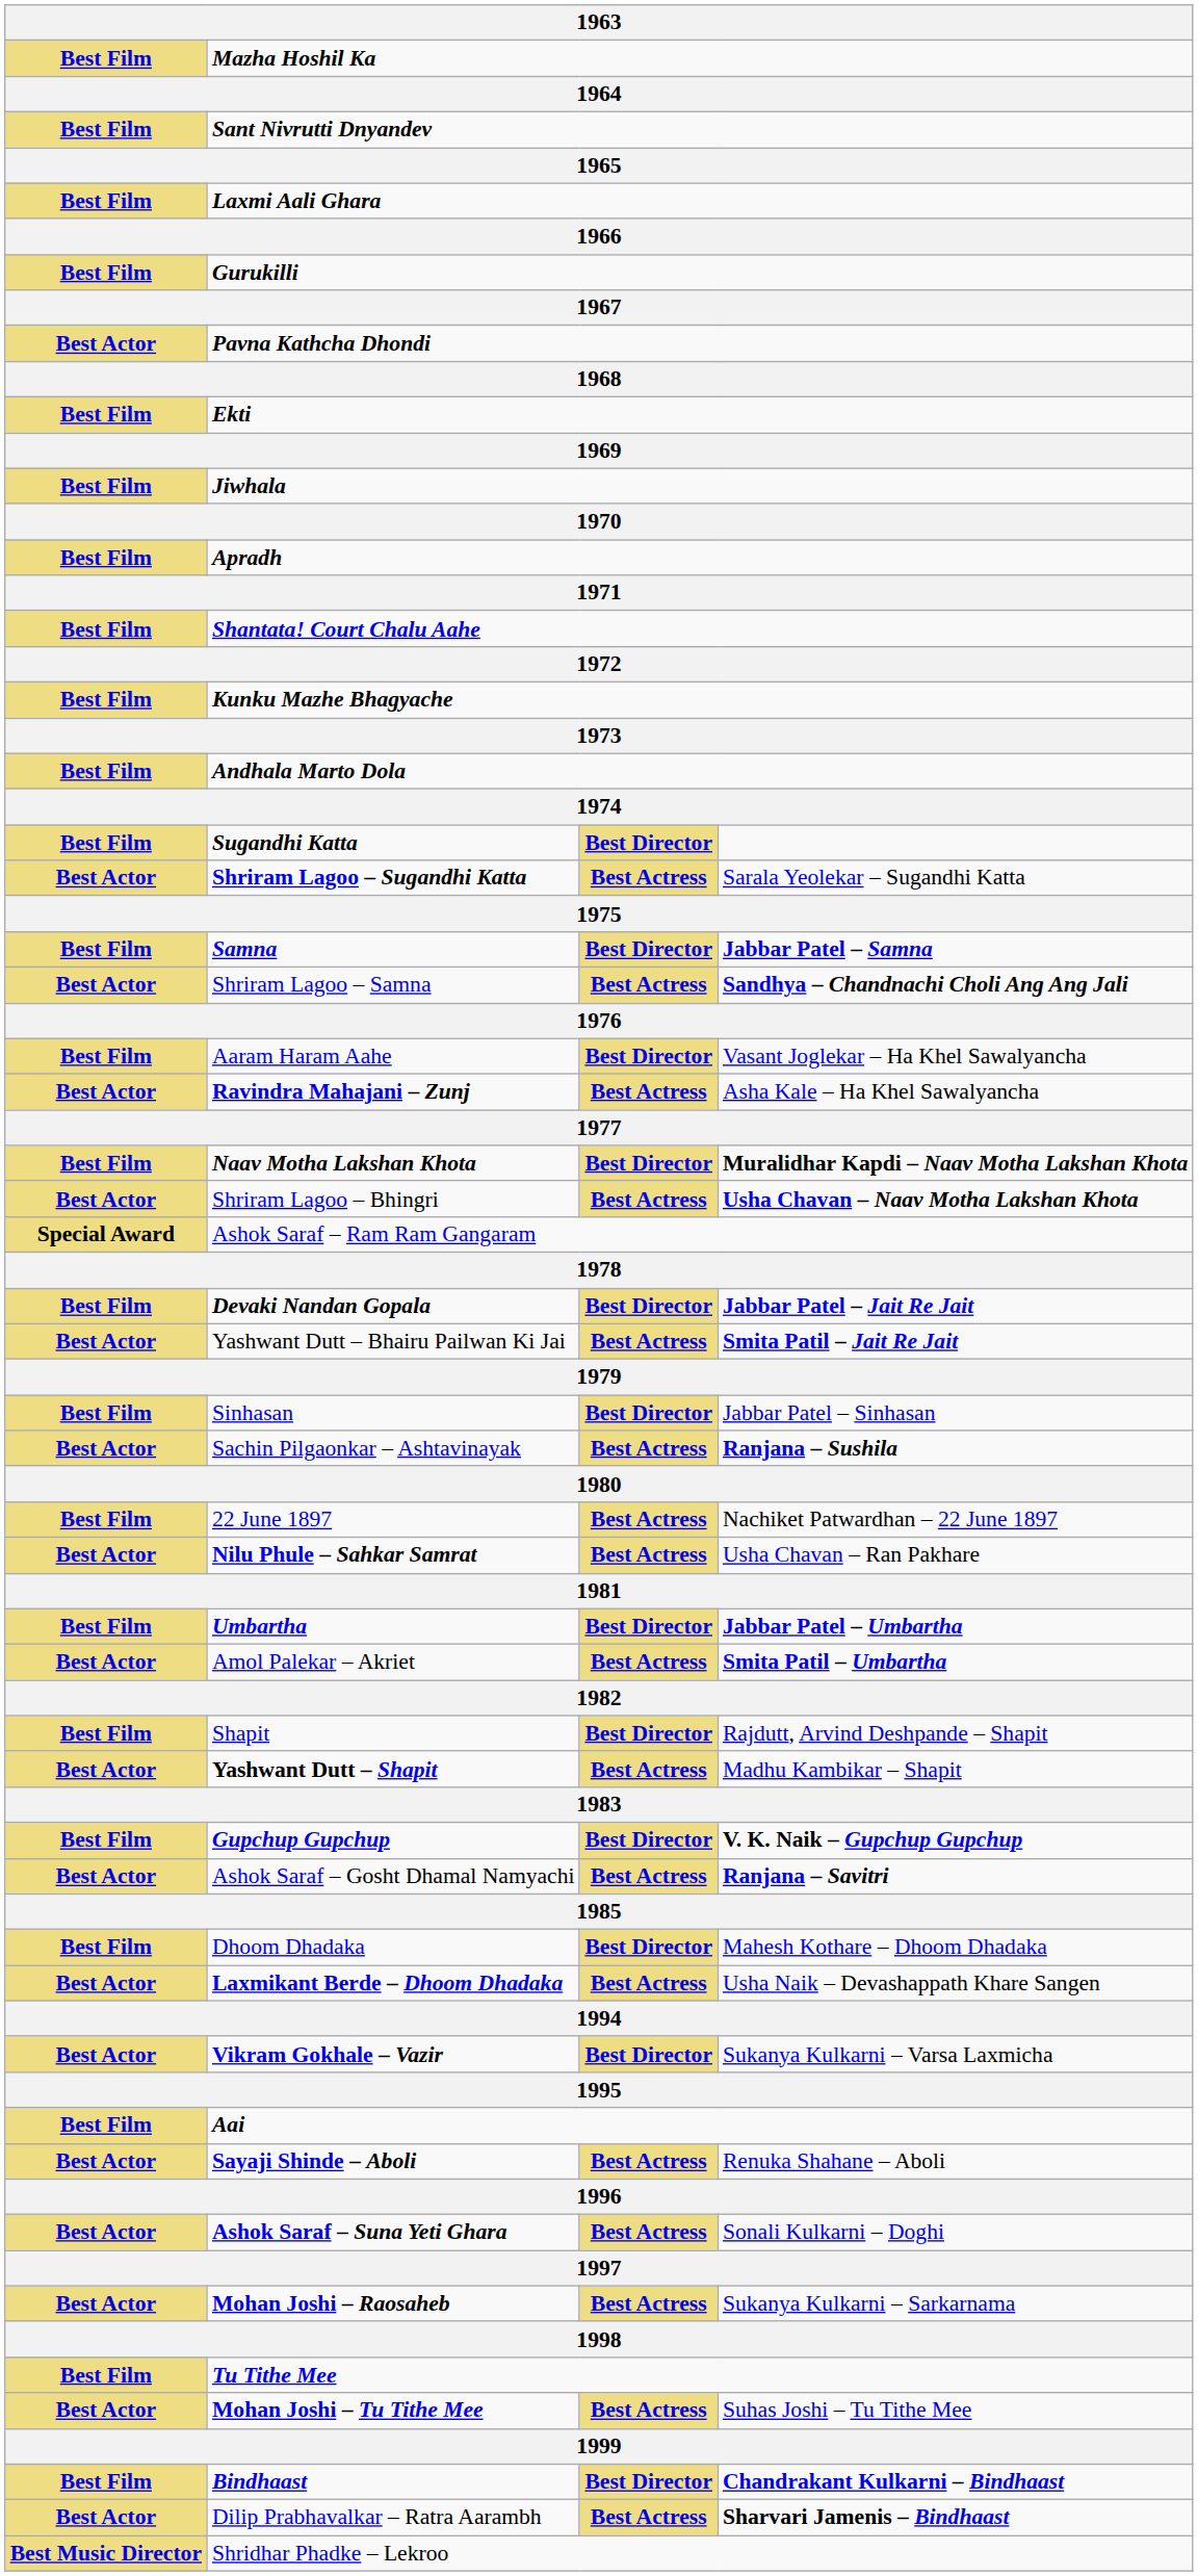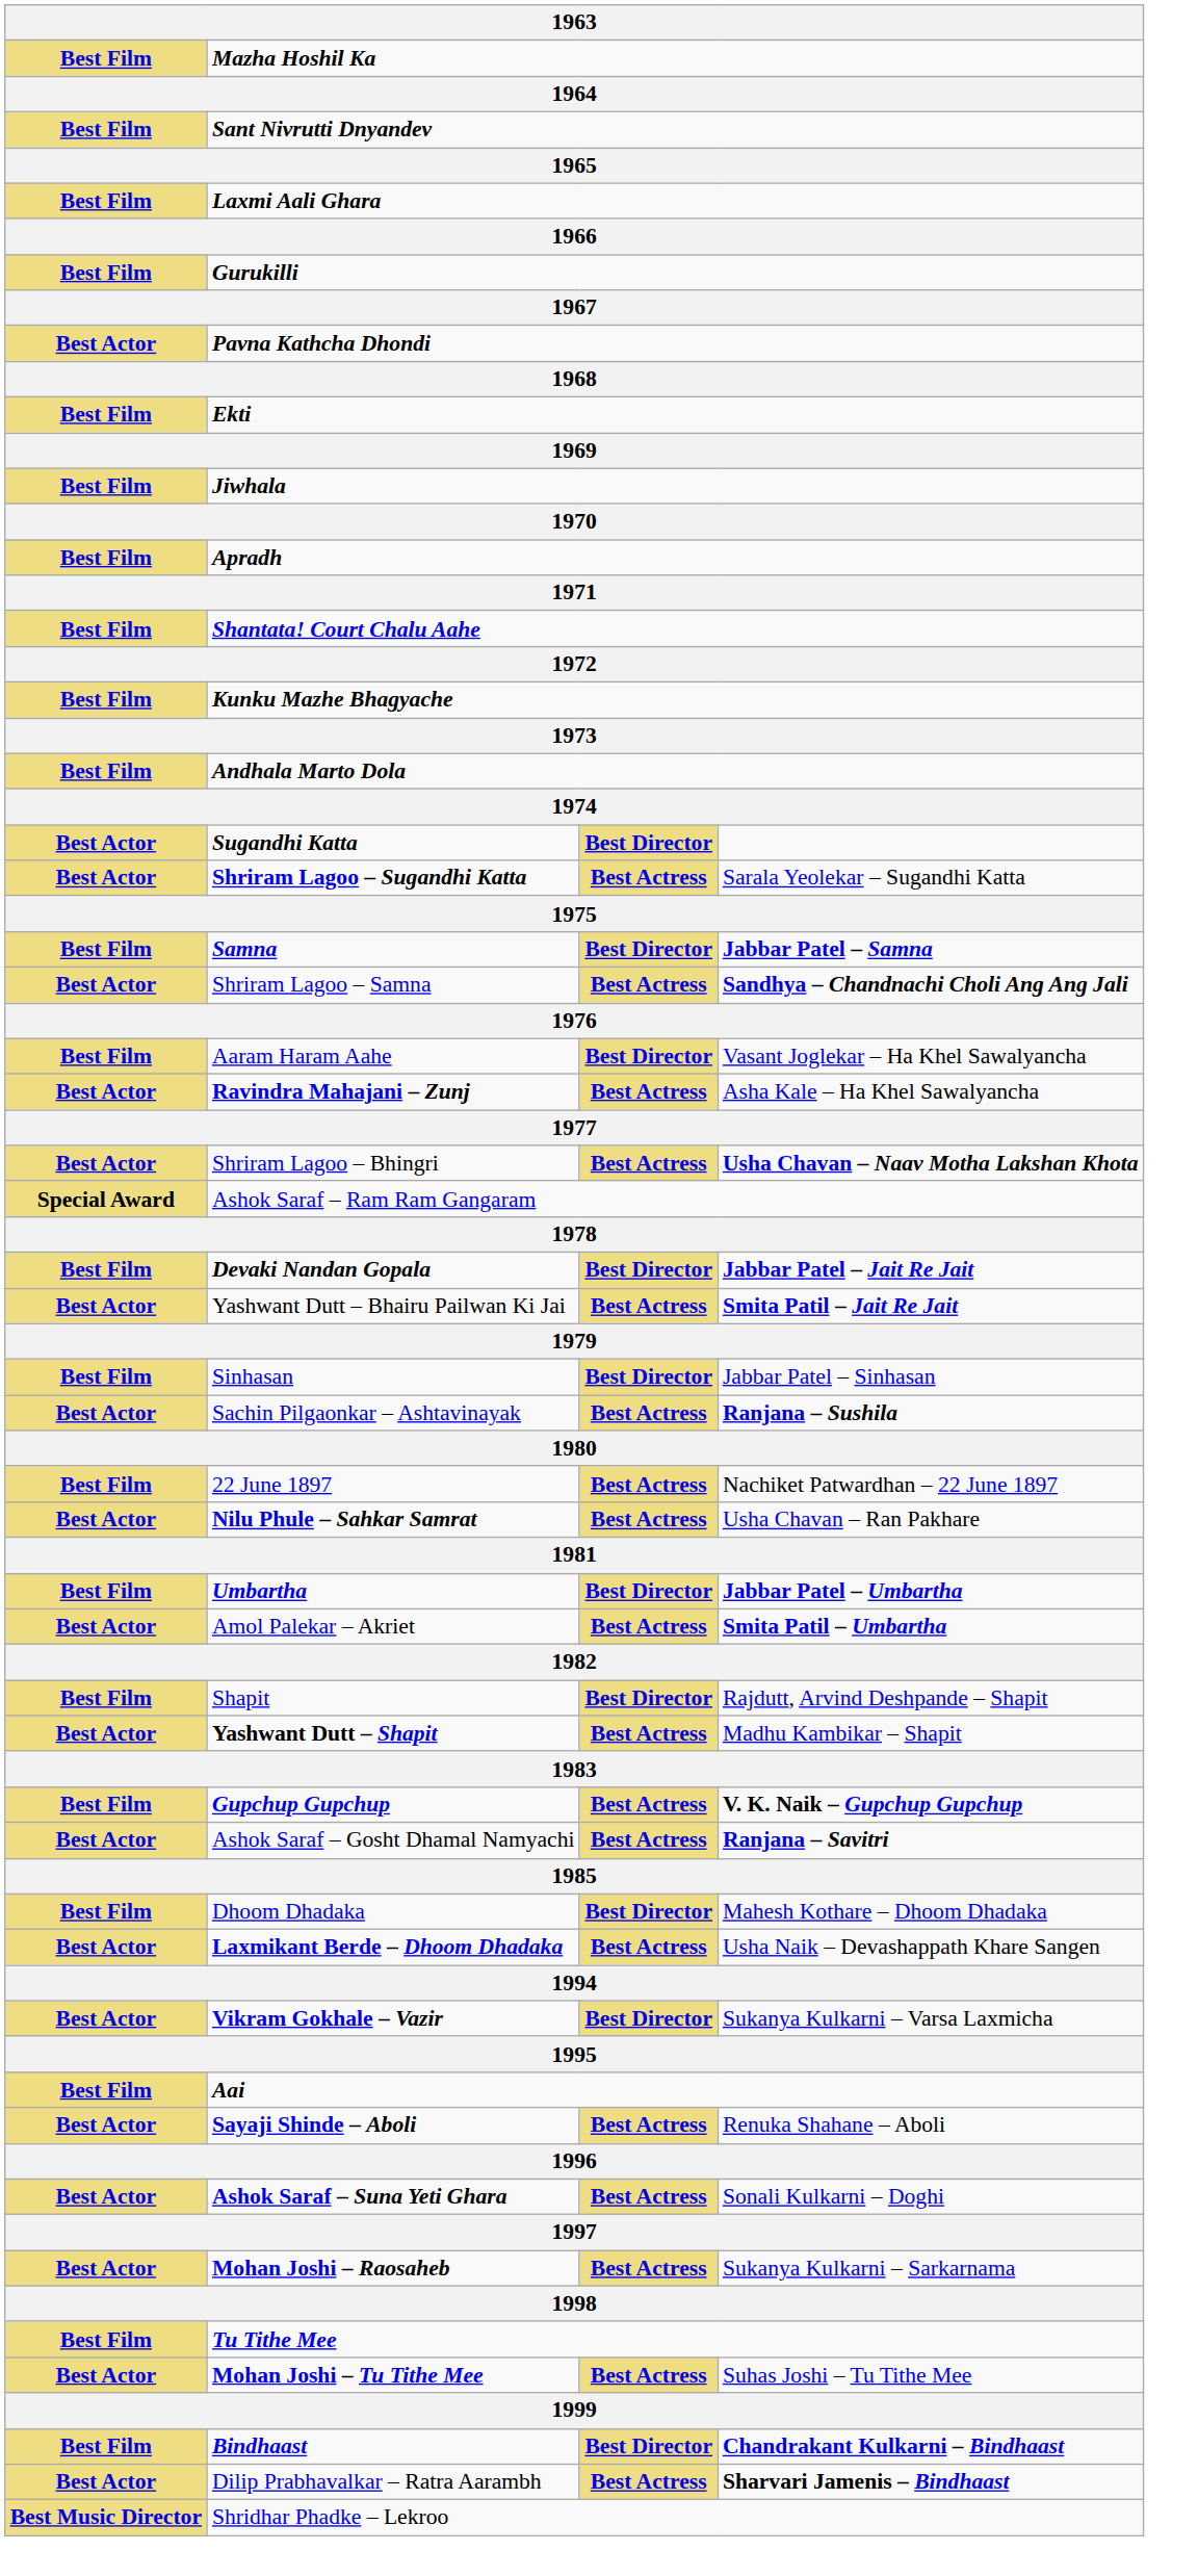 <table class="wikitable">
 <tr>
 <th colspan="4">1963</th>
 </tr>
 <tr>
 <th style="background:#EEDD82"><a href='#'><strong>Best Film</strong></a></th>
 <td colspan="3"><strong><em>Mazha Hoshil Ka</em></strong></td>
 </tr>
 <tr>
 <th colspan="4">1964</th>
 </tr>
 <tr>
 <th style="background:#EEDD82"><a href='#'><strong>Best Film</strong></a></th>
 <td colspan="3"><strong><em>Sant Nivrutti Dnyandev</em></strong></td>
 </tr>
 <tr>
 <th colspan="4">1965</th>
 </tr>
 <tr>
 <th style="background:#EEDD82"><a href='#'><strong>Best Film</strong></a></th>
 <td colspan="3"><strong><em>Laxmi Aali Ghara</em></strong></td>
 </tr>
 <tr>
 <th colspan="4">1966</th>
 </tr>
 <tr>
 <th style="background:#EEDD82"><a href='#'><strong>Best Film</strong></a></th>
 <td colspan="3"><strong><em>Gurukilli</em></strong></td>
 </tr>
 <tr>
 <th colspan="4">1967</th>
 </tr>
 <tr>
 <th style="background:#EEDD82"><a href='#'></strong>Best Actor<strong></a></th>
 <td colspan="3"><strong><em>Pavna Kathcha Dhondi</em></strong></td>
 </tr>
 <tr>
 <th colspan="4">1968</th>
 </tr>
 <tr>
 <th style="background:#EEDD82"><a href='#'><strong>Best Film</strong></a></th>
 <td colspan="3"><strong><em>Ekti</em></strong></td>
 </tr>
 <tr>
 <th colspan="4">1969</th>
 </tr>
 <tr>
 <th style="background:#EEDD82"><a href='#'><strong>Best Film</strong></a></th>
 <td colspan="3"><strong><em>Jiwhala</em></strong></td>
 </tr>
 <tr>
 <th colspan="4">1970</th>
 </tr>
 <tr>
 <th style="background:#EEDD82"><a href='#'><strong>Best Film</strong></a></th>
 <td colspan="3"><strong><em>Apradh</em></strong></td>
 </tr>
 <tr>
 <th colspan="4">1971</th>
 </tr>
 <tr>
 <th style="background:#EEDD82"><a href='#'><strong>Best Film</strong></a></th>
 <td colspan="3"><strong><em><a href='#'>Shantata! Court Chalu Aahe</a></em></strong></td>
 </tr>
 <tr>
 <th colspan="4">1972</th>
 </tr>
 <tr>
 <th style="background:#EEDD82"><a href='#'><strong>Best Film</strong></a></th>
 <td colspan="3"><strong><em>Kunku Mazhe Bhagyache</em></strong></td>
 </tr>
 <tr>
 <th colspan="4">1973</th>
 </tr>
 <tr>
 <th style="background:#EEDD82"><a href='#'><strong>Best Film</strong></a></th>
 <td colspan="3"><strong><em>Andhala Marto Dola</em></strong></td>
 </tr>
 <tr>
 <th colspan="4">1974</th>
 </tr>
 <tr>
-<th style="background:#EEDD82"><a href='#'><strong>Best Film</strong></a></th>
+<th style="background:#EEDD82"><a href='#'></strong>Best Actor<strong></a></th>
 <td><strong><em>Sugandhi Katta</em></strong></td>
 <th style="background:#EEDD82"><a href='#'><strong>Best Director</strong></a></th>
 <td></td>
 </tr>
 <tr>
 <th style="background:#EEDD82"><a href='#'><strong>Best Actor</strong></a></th>
 <td><strong><a href='#'>Shriram Lagoo</a> – <em>Sugandhi Katta<strong><em></td>
 <th style="background:#EEDD82"><a href='#'></strong>Best Actress<strong></a></th>
 <td></strong><a href='#'>Sarala Yeolekar</a> – </em>Sugandhi Katta</em></strong></td>
 </tr>
 <tr>
 <th colspan="4">1975</th>
 </tr>
 <tr>
 <th style="background:#EEDD82"><a href='#'><strong>Best Film</strong></a></th>
 <td><strong><a href='#'><em>Samna</em></a></strong></td>
 <th style="background:#EEDD82"><a href='#'><strong>Best Director</strong></a></th>
 <td><strong><a href='#'>Jabbar Patel</a> – <em><a href='#'>Samna</a><strong><em></td>
 </tr>
 <tr>
 <th style="background:#EEDD82"><a href='#'></strong>Best Actor<strong></a></th>
 <td></strong><a href='#'>Shriram Lagoo</a> – </em><a href='#'>Samna</a></em></strong></td>
 <th style="background:#EEDD82"><a href='#'><strong>Best Actress</strong></a></th>
 <td><strong><a href='#'>Sandhya</a> – <em>Chandnachi Choli Ang Ang Jali<strong><em></td>
 </tr>
 <tr>
 <th colspan="4">1976</th>
 </tr>
 <tr>
 <th style="background:#EEDD82"><a href='#'></strong>Best Film<strong></a></th>
 <td></em></strong><a href='#'>Aaram Haram Aahe</a><strong><em></td>
 <th style="background:#EEDD82"><a href='#'></strong>Best Director<strong></a></th>
 <td></strong><a href='#'>Vasant Joglekar</a> – </em>Ha Khel Sawalyancha</em></strong></td>
 </tr>
 <tr>
 <th style="background:#EEDD82"><a href='#'><strong>Best Actor</strong></a></th>
 <td><strong><a href='#'>Ravindra Mahajani</a> – <em>Zunj<strong><em></td>
 <th style="background:#EEDD82"><a href='#'></strong>Best Actress<strong></a></th>
 <td></strong><a href='#'>Asha Kale</a> – </em>Ha Khel Sawalyancha</em></strong></td>
 </tr>
 <tr>
 <th colspan="4">1977</th>
-</tr>
-<tr>
-<th style="background:#EEDD82"><a href='#'><strong>Best Film</strong></a></th>
-<td><strong><em>Naav Motha Lakshan Khota</em></strong></td>
-<th style="background:#EEDD82"><a href='#'><strong>Best Director</strong></a></th>
-<td><strong>Muralidhar Kapdi – <em>Naav Motha Lakshan Khota<strong><em></td>
 </tr>
 <tr>
 <th style="background:#EEDD82"><a href='#'></strong>Best Actor<strong></a></th>
 <td></strong><a href='#'>Shriram Lagoo</a> – </em>Bhingri</em></strong></td>
 <th style="background:#EEDD82"><a href='#'><strong>Best Actress</strong></a></th>
 <td><strong><a href='#'>Usha Chavan</a> – <em>Naav Motha Lakshan Khota<strong><em></td>
 </tr>
 <tr>
 <th style="background:#EEDD82"></strong>Special Award<strong></th>
 <td colspan="3"></strong><a href='#'>Ashok Saraf</a> – </em><a href='#'>Ram Ram Gangaram</a></em></strong></td>
 </tr>
 <tr>
 <th colspan="4">1978</th>
 </tr>
 <tr>
 <th style="background:#EEDD82"><a href='#'><strong>Best Film</strong></a></th>
 <td><strong><em>Devaki Nandan Gopala</em></strong></td>
 <th style="background:#EEDD82"><a href='#'><strong>Best Director</strong></a></th>
 <td><strong><a href='#'>Jabbar Patel</a> – <em><a href='#'>Jait Re Jait</a><strong><em></td>
 </tr>
 <tr>
 <th style="background:#EEDD82"><a href='#'></strong>Best Actor<strong></a></th>
 <td></strong>Yashwant Dutt – </em>Bhairu Pailwan Ki Jai</em></strong></td>
 <th style="background:#EEDD82"><a href='#'><strong>Best Actress</strong></a></th>
 <td><strong><a href='#'>Smita Patil</a> – <em><a href='#'>Jait Re Jait</a><strong><em></td>
 </tr>
 <tr>
 <th colspan="4">1979</th>
 </tr>
 <tr>
 <th style="background:#EEDD82"><a href='#'></strong>Best Film<strong></a></th>
 <td></em></strong><a href='#'>Sinhasan</a><strong><em></td>
 <th style="background:#EEDD82"><a href='#'></strong>Best Director<strong></a></th>
 <td></strong><a href='#'>Jabbar Patel</a> – </em><a href='#'>Sinhasan</a><em> <strong></td>
 </tr>
 <tr>
 <th style="background:#EEDD82"><a href='#'></strong>Best Actor<strong></a></th>
 <td></strong><a href='#'>Sachin Pilgaonkar</a> – </em><a href='#'>Ashtavinayak</a></em></strong></td>
 <th style="background:#EEDD82"><a href='#'><strong>Best Actress</strong></a></th>
 <td><strong><a href='#'>Ranjana</a> – <em>Sushila<strong><em></td>
 </tr>
 <tr>
 <th colspan="4">1980</th>
 </tr>
 <tr>
 <th style="background:#EEDD82"><a href='#'></strong>Best Film<strong></a></th>
 <td></em></strong><a href='#'>22 June 1897</a><strong><em></td>
 <th style="background:#EEDD82"><a href='#'></strong>Best Actress<strong></a></th>
 <td></strong>Nachiket Patwardhan – </em><a href='#'>22 June 1897</a></em></strong></td>
 </tr>
 <tr>
 <th style="background:#EEDD82"><a href='#'><strong>Best Actor</strong></a></th>
 <td><strong><a href='#'>Nilu Phule</a> – <em>Sahkar Samrat<strong><em></td>
 <th style="background:#EEDD82"><a href='#'></strong>Best Actress<strong></a></th>
 <td></strong><a href='#'>Usha Chavan</a> – </em>Ran Pakhare</em></strong></td>
 </tr>
 <tr>
 <th colspan="4">1981</th>
 </tr>
 <tr>
 <th style="background:#EEDD82"><a href='#'><strong>Best Film</strong></a></th>
 <td><strong><em><a href='#'>Umbartha</a></em></strong></td>
 <th style="background:#EEDD82"><a href='#'><strong>Best Director</strong></a></th>
 <td><strong><a href='#'>Jabbar Patel</a> – <em><a href='#'>Umbartha</a><strong><em></td>
 </tr>
 <tr>
 <th style="background:#EEDD82"><a href='#'></strong>Best Actor<strong></a></th>
 <td></strong><a href='#'>Amol Palekar</a> – </em>Akriet</em></strong></td>
 <th style="background:#EEDD82"><a href='#'><strong>Best Actress</strong></a></th>
 <td><strong><a href='#'>Smita Patil</a> – <em><a href='#'>Umbartha</a><strong><em></td>
 </tr>
 <tr>
 <th colspan="4">1982</th>
 </tr>
 <tr>
 <th style="background:#EEDD82"><a href='#'></strong>Best Film<strong></a></th>
 <td></em></strong><a href='#'>Shapit</a><strong><em></td>
 <th style="background:#EEDD82"><a href='#'></strong>Best Director<strong></a></th>
 <td></strong><a href='#'>Rajdutt</a>, <a href='#'>Arvind Deshpande</a> – </em><a href='#'>Shapit</a></em></strong></td>
 </tr>
 <tr>
 <th style="background:#EEDD82"><a href='#'><strong>Best Actor</strong></a></th>
 <td><strong>Yashwant Dutt – <em><a href='#'>Shapit</a><strong><em></td>
 <th style="background:#EEDD82"><a href='#'></strong>Best Actress<strong></a></th>
 <td></strong><a href='#'>Madhu Kambikar</a> – </em><a href='#'>Shapit</a></em></strong></td>
 </tr>
 <tr>
 <th colspan="4">1983</th>
 </tr>
 <tr>
 <th style="background:#EEDD82"><a href='#'><strong>Best Film</strong></a></th>
 <td><strong><em><a href='#'>Gupchup Gupchup</a></em></strong></td>
-<th style="background:#EEDD82"><a href='#'><strong>Best Director</strong></a></th>
+<th style="background:#EEDD82"><a href='#'><strong>Best Actress</strong></a></th>
 <td><strong>V. K. Naik – <em><a href='#'>Gupchup Gupchup</a><strong><em></td>
 </tr>
 <tr>
 <th style="background:#EEDD82"><a href='#'></strong>Best Actor<strong></a></th>
 <td></strong><a href='#'>Ashok Saraf</a> – </em>Gosht Dhamal Namyachi</em></strong></td>
 <th style="background:#EEDD82"><a href='#'><strong>Best Actress</strong></a></th>
 <td><strong><a href='#'>Ranjana</a> – <em>Savitri<strong><em></td>
 </tr>
 <tr>
 <th colspan="4">1985</th>
 </tr>
 <tr>
 <th style="background:#EEDD82"><a href='#'></strong>Best Film<strong></a></th>
 <td></strong><a href='#'>Dhoom Dhadaka</a><strong></td>
 <th style="background:#EEDD82"><a href='#'></strong>Best Director<strong></a></th>
 <td></strong><a href='#'>Mahesh Kothare</a> – </em><a href='#'>Dhoom Dhadaka</a></em></strong></td>
 </tr>
 <tr>
 <th style="background:#EEDD82"><a href='#'><strong>Best Actor</strong></a></th>
 <td><strong><a href='#'>Laxmikant Berde</a> – <em><a href='#'>Dhoom Dhadaka</a><strong><em></td>
 <th style="background:#EEDD82"><a href='#'></strong>Best Actress<strong></a></th>
 <td></strong><a href='#'>Usha Naik</a> – </em>Devashappath Khare Sangen</em></strong></td>
 </tr>
 <tr>
 <th colspan="4">1994</th>
 </tr>
 <tr>
 <th style="background:#EEDD82"><a href='#'><strong>Best Actor</strong></a></th>
 <td><strong><a href='#'>Vikram Gokhale</a> – <em>Vazir<strong><em></td>
 <th style="background:#EEDD82"><a href='#'></strong>Best Director<strong></a></th>
 <td></strong><a href='#'>Sukanya Kulkarni</a> – </em>Varsa Laxmicha</em></strong></td>
 </tr>
 <tr>
 <th colspan="4">1995</th>
 </tr>
 <tr>
 <th style="background:#EEDD82"><a href='#'><strong>Best Film</strong></a></th>
 <td colspan="3"><strong><em>Aai</em></strong></td>
 </tr>
 <tr>
 <th style="background:#EEDD82"><a href='#'><strong>Best Actor</strong></a></th>
 <td><strong><a href='#'>Sayaji Shinde</a></strong> <strong>– <em>Aboli<strong><em></td>
 <th style="background:#EEDD82"><a href='#'></strong>Best Actress<strong></a></th>
 <td></strong><a href='#'>Renuka Shahane</a> – </em>Aboli</em></strong></td>
 </tr>
 <tr>
 <th colspan="4">1996</th>
 </tr>
 <tr>
 <th style="background:#EEDD82"><a href='#'><strong>Best Actor</strong></a></th>
 <td><strong><a href='#'>Ashok Saraf</a> – <em>Suna Yeti Ghara<strong><em></td>
 <th style="background:#EEDD82"><a href='#'></strong>Best Actress<strong></a></th>
 <td></strong><a href='#'>Sonali Kulkarni</a> – </em><a href='#'>Doghi</a></em></strong></td>
 </tr>
 <tr>
 <th colspan="4">1997</th>
 </tr>
 <tr>
 <th style="background:#EEDD82"><a href='#'><strong>Best Actor</strong></a></th>
 <td><strong><a href='#'>Mohan Joshi</a></strong> <strong>– <em>Raosaheb<strong><em></td>
 <th style="background:#EEDD82"><a href='#'></strong>Best Actress<strong></a></th>
 <td></strong><a href='#'>Sukanya Kulkarni</a><strong> </strong>– </em><a href='#'>Sarkarnama</a></em></strong></td>
 </tr>
 <tr>
 <th colspan="4">1998</th>
 </tr>
 <tr>
 <th style="background:#EEDD82"><a href='#'><strong>Best Film</strong></a></th>
 <td colspan="3"><strong><em><a href='#'>Tu Tithe Mee</a></em></strong></td>
 </tr>
 <tr>
 <th style="background:#EEDD82"><a href='#'><strong>Best Actor</strong></a></th>
 <td><strong><a href='#'>Mohan Joshi</a></strong> <strong>– <em><a href='#'>Tu Tithe Mee</a><strong><em></td>
 <th style="background:#EEDD82"><a href='#'></strong>Best Actress<strong></a></th>
 <td></strong><a href='#'>Suhas Joshi</a> – </em><a href='#'>Tu Tithe Mee</a></em></strong></td>
 </tr>
 <tr>
 <th colspan="4">1999</th>
 </tr>
 <tr>
 <th style="background:#EEDD82"><a href='#'><strong>Best Film</strong></a></th>
 <td><strong><em><a href='#'>Bindhaast</a></em></strong></td>
 <th style="background:#EEDD82"><a href='#'><strong>Best Director</strong></a></th>
 <td><strong><a href='#'>Chandrakant Kulkarni</a> – <em><a href='#'>Bindhaast</a><strong><em></td>
 </tr>
 <tr>
 <th style="background:#EEDD82"><a href='#'></strong>Best Actor<strong></a></th>
 <td></strong><a href='#'>Dilip Prabhavalkar</a> – </em>Ratra Aarambh</em></strong></td>
 <th style="background:#EEDD82"><a href='#'><strong>Best Actress</strong></a></th>
 <td><strong>Sharvari Jamenis – <em><a href='#'>Bindhaast</a><strong><em></td>
 </tr>
 <tr>
 <th style="background:#EEDD82"></strong><a href='#'>Best Music Director</a><strong></th>
 <td colspan="3"></strong><a href='#'>Shridhar Phadke</a> – </em>Lekroo</em></strong></td>
 </tr>
 </table>
